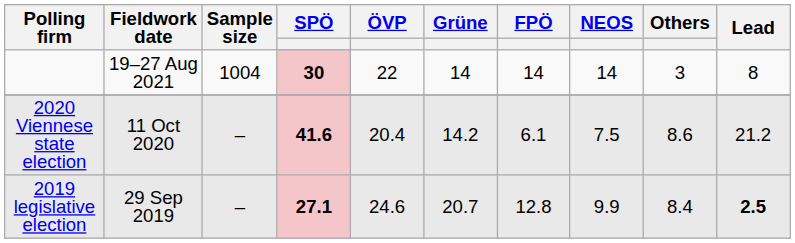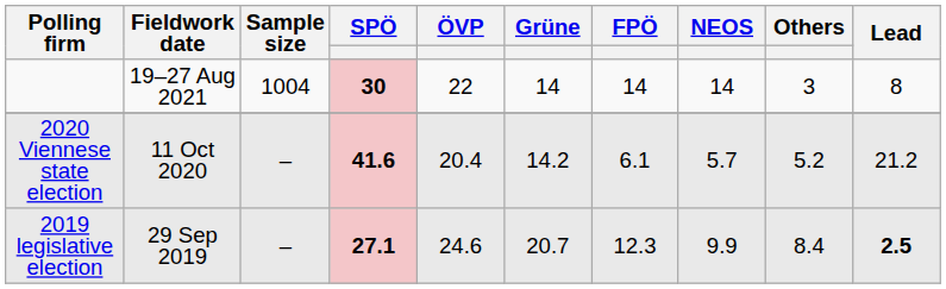 <table class="wikitable sortable mw-datatable" style="text-align:center;font-size:90%;line-height:14px;">
 <tr>
 <th rowspan="2">Polling firm</th>
 <th rowspan="2">Fieldwork date</th>
 <th rowspan="2">Sample<br>size</th>
 <th class="unsortable" style="width:50px;"><a href='#'>SPÖ</a></th>
 <th class="unsortable" style="width:50px;"><a href='#'>ÖVP</a></th>
 <th class="unsortable" style="width:50px;"><a href='#'>Grüne</a></th>
 <th class="unsortable" style="width:50px;"><a href='#'>FPÖ</a></th>
 <th class="unsortable" style="width:50px;"><a href='#'>NEOS</a></th>
 <th class="unsortable" style="width:50px;">Others</th>
 <th rowspan="2" class="unsortable" style="width:50px;">Lead</th>
 </tr>
 <tr>
 <th style="background:"></th>
 <th style="background:"></th>
 <th style="background:"></th>
 <th style="background:"></th>
 <th style="background:"></th>
 <th style="background:"></th>
 </tr>
 <tr>
 <td></td>
 <td>19–27 Aug 2021</td>
 <td>1004</td>
 <td style="background:#F4C6C9;"><strong>30</strong></td>
 <td>22</td>
 <td>14</td>
 <td>14</td>
 <td>14</td>
 <td>3</td>
 <td style="background:">8</td>
 </tr>
 <tr>
 </tr>
 <tr style="background:#E9E9E9;">
 <td><a href='#'>2020 Viennese state election</a></td>
 <td data-sort-value="2020-10-11">11 Oct 2020</td>
 <td>–</td>
 <td style="background:#F4C6C9;"><strong>41.6</strong></td>
 <td>20.4</td>
 <td>14.2</td>
 <td>6.1</td>
-<td>7.5</td>
-<td>8.6</td>
+<td>5.7</td>
+<td>5.2</td>
 <td style="background:">21.2</td>
 </tr>
 <tr style="background:#E9E9E9;">
 <td><a href='#'>2019 legislative election</a></td>
 <td>29 Sep 2019</td>
 <td>–</td>
 <td style="background:#F4C6C9;"><strong>27.1</strong></td>
 <td>24.6</td>
 <td>20.7</td>
-<td>12.8</td>
+<td>12.3</td>
 <td>9.9</td>
 <td>8.4</td>
 <td style="background:"><strong>2.5</strong></td>
 </tr>
 </table>
